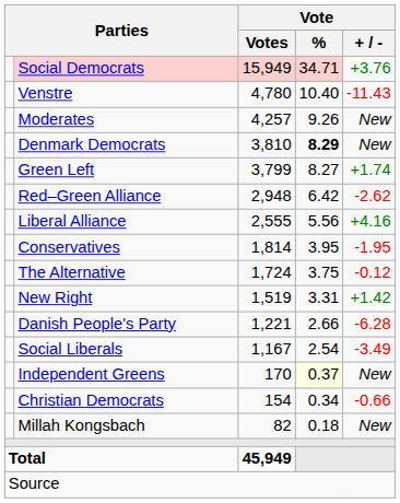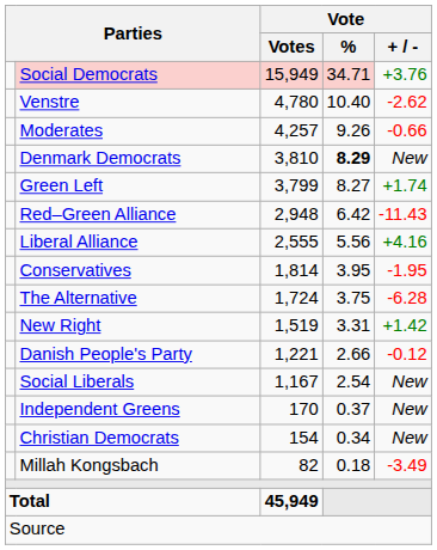 <table class="wikitable" style="text-align:right;">
 <tr>
 <th style="text-align:centre;" rowspan="2" colspan="2" width="225">Parties</th>
 <th colspan="3">Vote</th>
 </tr>
 <tr>
 <th width="15">Votes</th>
 <th width="15">%</th>
 <th width="15">+ / -</th>
 </tr>
 <tr>
 <td width="2" style="color:inherit;background:"></td>
 <td bgcolor=#fbd0ce  align="left"><a href='#'>Social Democrats</a></td>
 <td bgcolor=#fbd0ce>15,949</td>
 <td bgcolor=#fbd0ce>34.71</td>
 <td style=color:green;>+3.76</td>
 </tr>
 <tr>
 <td width="2" style="color:inherit;background:"></td>
 <td align="left"><a href='#'>Venstre</a></td>
 <td>4,780</td>
 <td>10.40</td>
-<td style=color:red;>-11.43</td>
+<td style=color:red;>-2.62</td>
 </tr>
 <tr>
 <td width="2" style="color:inherit;background:"></td>
 <td align="left"><a href='#'>Moderates</a></td>
 <td>4,257</td>
 <td>9.26</td>
-<td><em>New</em></td>
+<td style=color:red;>-0.66</td>
 </tr>
 <tr>
 <td width="2" style="color:inherit;background:"></td>
 <td align="left"><a href='#'>Denmark Democrats</a></td>
 <td>3,810</td>
 <td><strong>8.29</strong></td>
 <td><em>New</em></td>
 </tr>
 <tr>
 <td width="2" style="color:inherit;background:"></td>
 <td align="left"><a href='#'>Green Left</a></td>
 <td>3,799</td>
 <td>8.27</td>
 <td style=color:green;>+1.74</td>
 </tr>
 <tr>
 <td width="2" style="color:inherit;background:"></td>
 <td align="left"><a href='#'>Red–Green Alliance</a></td>
 <td>2,948</td>
 <td>6.42</td>
-<td style=color:red;>-2.62</td>
+<td style=color:red;>-11.43</td>
 </tr>
 <tr>
 <td width="2" style="color:inherit;background:"></td>
 <td align="left"><a href='#'>Liberal Alliance</a></td>
 <td>2,555</td>
 <td>5.56</td>
 <td style=color:green;>+4.16</td>
 </tr>
 <tr>
 <td width="2" style="color:inherit;background:"></td>
 <td align="left"><a href='#'>Conservatives</a></td>
 <td>1,814</td>
 <td>3.95</td>
 <td style=color:red;>-1.95</td>
 </tr>
 <tr>
 <td width="2" style="color:inherit;background:"></td>
 <td align="left"><a href='#'>The Alternative</a></td>
 <td>1,724</td>
 <td>3.75</td>
-<td style=color:red;>-0.12</td>
+<td style=color:red;>-6.28</td>
 </tr>
 <tr>
 <td width="2" style="color:inherit;background:"></td>
 <td align="left"><a href='#'>New Right</a></td>
 <td>1,519</td>
 <td>3.31</td>
 <td style=color:green;>+1.42</td>
 </tr>
 <tr>
 <td width="2" style="color:inherit;background:"></td>
 <td align="left"><a href='#'>Danish People's Party</a></td>
 <td>1,221</td>
 <td>2.66</td>
-<td style=color:red;>-6.28</td>
+<td style=color:red;>-0.12</td>
 </tr>
 <tr>
 <td width="2" style="color:inherit;background:"></td>
 <td align="left"><a href='#'>Social Liberals</a></td>
 <td>1,167</td>
 <td>2.54</td>
-<td style=color:red;>-3.49</td>
+<td><em>New</em></td>
 </tr>
 <tr>
 <td width="2" style="color:inherit;background:"></td>
 <td align="left"><a href='#'>Independent Greens</a></td>
 <td>170</td>
-<td style="background: lightyellow;">0.37</td>
+<td>0.37</td>
 <td><em>New</em></td>
 </tr>
 <tr>
 <td width="2" style="color:inherit;background:"></td>
 <td align="left"><a href='#'>Christian Democrats</a></td>
 <td>154</td>
 <td>0.34</td>
-<td style=color:red;>-0.66</td>
+<td><em>New</em></td>
 </tr>
 <tr>
 <td width="2" style="color:inherit;background:"></td>
 <td align="left">Millah Kongsbach</td>
 <td>82</td>
 <td>0.18</td>
-<td><em>New</em></td>
+<td style=color:red;>-3.49</td>
 </tr>
 <tr>
 <td colspan="7" bgcolor="#E9E9E9"></td>
 </tr>
 <tr>
 <td align="left" colspan="2"><strong>Total</strong></td>
 <td><strong>45,949</strong></td>
 <td bgcolor="#E9E9E9" colspan="2"></td>
 </tr>
 <tr>
 <td align="left" colspan="6">Source</td>
 </tr>
 </table>
